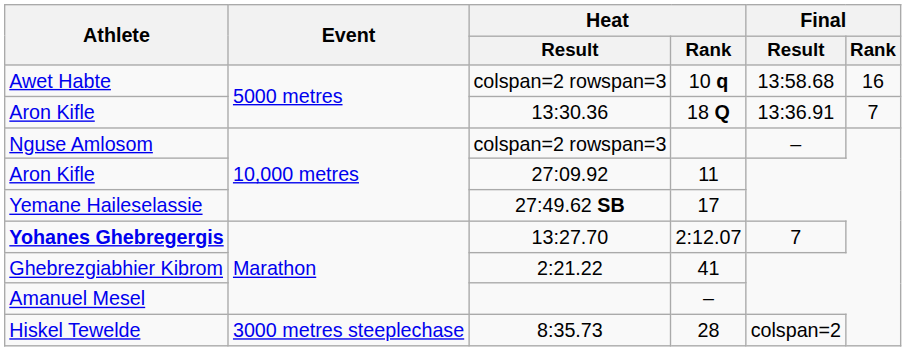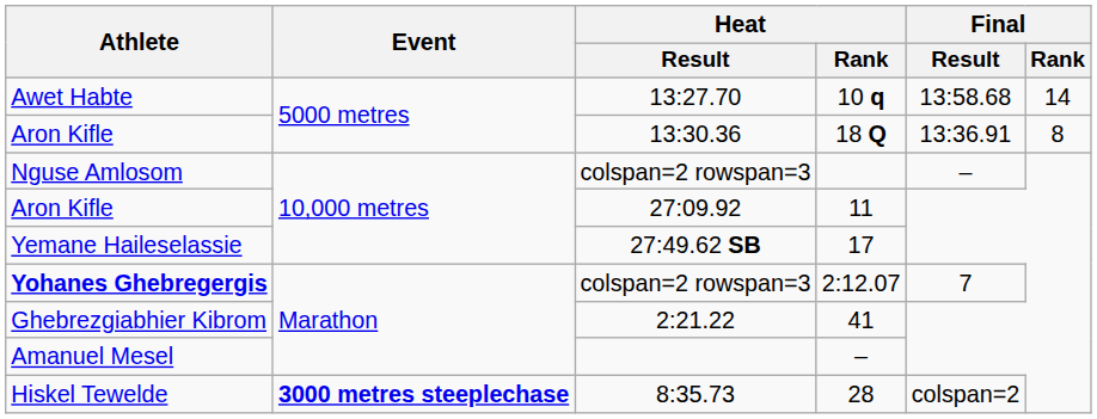 <table class="wikitable" style="font-size:90%">
 <tr>
 <th rowspan="2">Athlete</th>
 <th rowspan="2">Event</th>
 <th colspan="2">Heat</th>
 <th colspan="2">Final</th>
 </tr>
 <tr style="font-size:95%">
 <th>Result</th>
 <th>Rank</th>
 <th>Result</th>
 <th>Rank</th>
 </tr>
 <tr style=text-align:center>
 <td style=text-align:left><a href='#'>Awet Habte</a></td>
 <td style=text-align:left rowspan=2><a href='#'>5000 metres</a></td>
-<td>colspan=2 rowspan=3 </td>
+<td>13:27.70</td>
 <td>10 <strong>q</strong></td>
 <td>13:58.68</td>
-<td>16</td>
+<td>14</td>
 </tr>
 <tr style=text-align:center>
 <td style=text-align:left><a href='#'>Aron Kifle</a></td>
 <td>13:30.36</td>
 <td>18 <strong>Q</strong></td>
 <td>13:36.91</td>
-<td>7</td>
+<td>8</td>
 </tr>
 <tr style=text-align:center>
 <td style=text-align:left><a href='#'>Nguse Amlosom</a></td>
 <td style=text-align:left rowspan=3><a href='#'>10,000 metres</a></td>
 <td>colspan=2 rowspan=3 </td>
 <td></td>
 <td>–</td>
 </tr>
 <tr style=text-align:center>
 <td style=text-align:left><a href='#'>Aron Kifle</a></td>
 <td>27:09.92</td>
 <td>11</td>
 </tr>
 <tr style=text-align:center>
 <td style=text-align:left><a href='#'>Yemane Haileselassie</a></td>
 <td>27:49.62 <strong>SB</strong></td>
 <td>17</td>
 </tr>
 <tr style=text-align:center>
 <td style=text-align:left><strong><a href='#'>Yohanes Ghebregergis</a></strong></td>
 <td style=text-align:left rowspan=3><a href='#'>Marathon</a></td>
-<td>13:27.70</td>
+<td>colspan=2 rowspan=3 </td>
 <td>2:12.07</td>
 <td>7</td>
 </tr>
 <tr style=text-align:center>
 <td style=text-align:left><a href='#'>Ghebrezgiabhier Kibrom</a></td>
 <td>2:21.22</td>
 <td>41</td>
 </tr>
 <tr style=text-align:center>
 <td style=text-align:left><a href='#'>Amanuel Mesel</a></td>
 <td></td>
 <td>–</td>
 </tr>
 <tr style=text-align:center>
 <td style=text-align:left><a href='#'>Hiskel Tewelde</a></td>
-<td style=text-align:left><a href='#'>3000 metres steeplechase</a></td>
+<td style=text-align:left><strong><a href='#'>3000 metres steeplechase</a></strong></td>
 <td>8:35.73</td>
 <td>28</td>
 <td>colspan=2 </td>
 </tr>
 </table>
